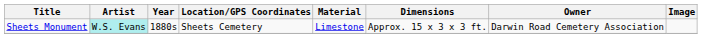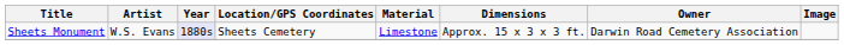 <table class="wikitable sortable">
 <tr>
 <th>Title</th>
 <th>Artist</th>
 <th>Year</th>
 <th>Location/GPS Coordinates</th>
 <th>Material</th>
 <th>Dimensions</th>
 <th>Owner</th>
 <th>Image</th>
 </tr>
 <tr>
 <td><a href='#'>Sheets Monument</a></td>
-<td style="background: paleturquoise;">W.S. Evans</td>
-<td>1880s</td>
+<td>W.S. Evans</td>
+<td style="background: lavender;">1880s</td>
 <td>Sheets Cemetery</td>
 <td><a href='#'>Limestone</a></td>
 <td>Approx. 15 x 3 x 3 ft.</td>
 <td>Darwin Road Cemetery Association</td>
 <td></td>
 </tr>
 <tr>
 </tr>
 </table>
